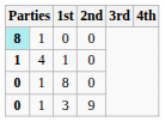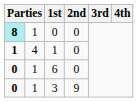 <table class="wikitable" style="text-align:center;">
 <tr>
 <th colspan=2 style="text-align:left;">Parties</th>
 <th>1st</th>
 <th>2nd</th>
 <th>3rd</th>
 <th>4th</th>
 </tr>
 <tr>
 <td style="background: paleturquoise;"><strong>8</strong></td>
 <td>1</td>
 <td>0</td>
 <td>0</td>
 </tr>
 <tr>
 <td><strong>1</strong></td>
 <td>4</td>
 <td>1</td>
 <td>0</td>
 </tr>
 <tr>
 <td><strong>0</strong></td>
 <td>1</td>
-<td>8</td>
+<td>6</td>
 <td>0</td>
 </tr>
 <tr>
 <td><strong>0</strong></td>
 <td>1</td>
 <td>3</td>
 <td>9</td>
 </tr>
 </table>
